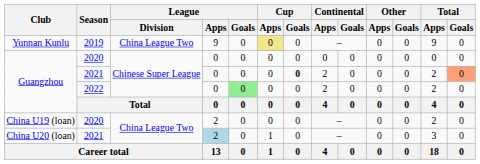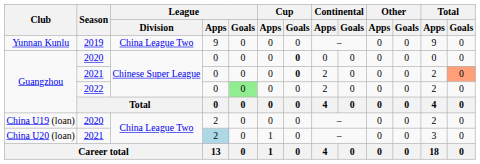 <table class="wikitable" style="text-align: center">
 <tr>
 <th rowspan=2>Club</th>
 <th rowspan=2>Season</th>
 <th colspan=3>League</th>
 <th colspan=2>Cup</th>
 <th colspan=2>Continental</th>
 <th colspan=2>Other</th>
 <th colspan=2>Total</th>
 </tr>
 <tr>
 <th>Division</th>
 <th>Apps</th>
 <th>Goals</th>
 <th>Apps</th>
 <th>Goals</th>
 <th>Apps</th>
 <th>Goals</th>
 <th>Apps</th>
 <th>Goals</th>
 <th>Apps</th>
 <th>Goals</th>
 </tr>
 <tr>
 <td><a href='#'>Yunnan Kunlu</a></td>
 <td><a href='#'>2019</a></td>
 <td><a href='#'>China League Two</a></td>
 <td>9</td>
 <td>0</td>
-<td style="background: khaki;">0</td>
+<td>0</td>
 <td>0</td>
 <td colspan="2">–</td>
 <td>0</td>
 <td>0</td>
 <td>9</td>
 <td>0</td>
 </tr>
 <tr>
 <td rowspan=4><a href='#'>Guangzhou</a></td>
 <td><a href='#'>2020</a></td>
 <td rowspan=3><a href='#'>Chinese Super League</a></td>
 <td>0</td>
 <td>0</td>
 <td>0</td>
-<td>0</td>
+<td><strong>0</strong></td>
 <td>0</td>
 <td>0</td>
 <td>0</td>
 <td>0</td>
 <td>0</td>
 <td>0</td>
 </tr>
 <tr>
 <td><a href='#'>2021</a></td>
 <td>0</td>
 <td>0</td>
 <td>0</td>
 <td><strong>0</strong></td>
 <td>2</td>
 <td>0</td>
 <td>0</td>
 <td>0</td>
 <td>2</td>
 <td style="background: lightsalmon;">0</td>
 </tr>
 <tr>
 <td><a href='#'>2022</a></td>
 <td>0</td>
 <td style="background: lightgreen;">0</td>
 <td>0</td>
 <td>0</td>
 <td>2</td>
 <td>0</td>
 <td>0</td>
 <td>0</td>
 <td>2</td>
 <td>0</td>
 </tr>
 <tr>
 <th colspan=2>Total</th>
 <th>0</th>
 <th>0</th>
 <th>0</th>
 <th>0</th>
 <th>4</th>
 <th>0</th>
 <th>0</th>
 <th>0</th>
 <th>4</th>
 <th>0</th>
 </tr>
 <tr>
 <td><a href='#'>China U19</a> (loan)</td>
 <td><a href='#'>2020</a></td>
 <td rowspan=2><a href='#'>China League Two</a></td>
 <td>2</td>
 <td>0</td>
 <td>0</td>
 <td>0</td>
 <td colspan="2">–</td>
 <td>0</td>
 <td>0</td>
 <td>2</td>
 <td>0</td>
 </tr>
 <tr>
 <td><a href='#'>China U20</a> (loan)</td>
 <td><a href='#'>2021</a></td>
 <td style="background: lightblue;">2</td>
 <td>0</td>
 <td>1</td>
 <td>0</td>
 <td colspan="2">–</td>
 <td>0</td>
 <td>0</td>
 <td>3</td>
 <td>0</td>
 </tr>
 <tr>
 <th colspan=3>Career total</th>
 <th>13</th>
 <th>0</th>
 <th>1</th>
 <th>0</th>
 <th>4</th>
 <th>0</th>
 <th>0</th>
 <th>0</th>
 <th>18</th>
 <th>0</th>
 </tr>
 </table>
